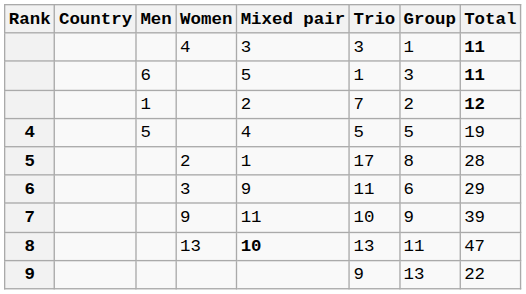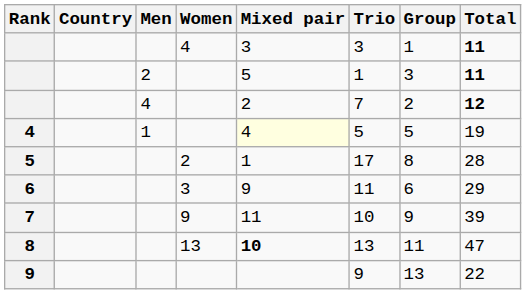 <table class="wikitable sortable">
 <tr>
 <th>Rank</th>
 <th>Country</th>
 <th>Men</th>
 <th>Women</th>
 <th>Mixed pair</th>
 <th>Trio</th>
 <th>Group</th>
 <th>Total</th>
 </tr>
 <tr>
 <th></th>
 <td></td>
 <td></td>
 <td>4</td>
 <td>3</td>
 <td>3</td>
 <td>1</td>
 <td><strong>11</strong></td>
 </tr>
 <tr>
 <th></th>
 <td></td>
-<td>6</td>
+<td>2</td>
 <td></td>
 <td>5</td>
 <td>1</td>
 <td>3</td>
 <td><strong>11</strong></td>
 </tr>
 <tr>
 <th></th>
 <td></td>
-<td>1</td>
+<td>4</td>
 <td></td>
 <td>2</td>
 <td>7</td>
 <td>2</td>
 <td><strong>12</strong></td>
 </tr>
 <tr>
 <th>4</th>
 <td></td>
-<td>5</td>
+<td>1</td>
 <td></td>
-<td>4</td>
+<td style="background: lightyellow;">4</td>
 <td>5</td>
 <td>5</td>
 <td>19</td>
 </tr>
 <tr>
 <th>5</th>
 <td></td>
 <td></td>
 <td>2</td>
 <td>1</td>
 <td>17</td>
 <td>8</td>
 <td>28</td>
 </tr>
 <tr>
 <th>6</th>
 <td></td>
 <td></td>
 <td>3</td>
 <td>9</td>
 <td>11</td>
 <td>6</td>
 <td>29</td>
 </tr>
 <tr>
 <th>7</th>
 <td></td>
 <td></td>
 <td>9</td>
 <td>11</td>
 <td>10</td>
 <td>9</td>
 <td>39</td>
 </tr>
 <tr>
 <th>8</th>
 <td></td>
 <td></td>
 <td>13</td>
 <td><strong>10</strong></td>
 <td>13</td>
 <td>11</td>
 <td>47</td>
 </tr>
 <tr>
 <th>9</th>
 <td></td>
 <td></td>
 <td></td>
 <td></td>
 <td>9</td>
 <td>13</td>
 <td>22</td>
 </tr>
 </table>
